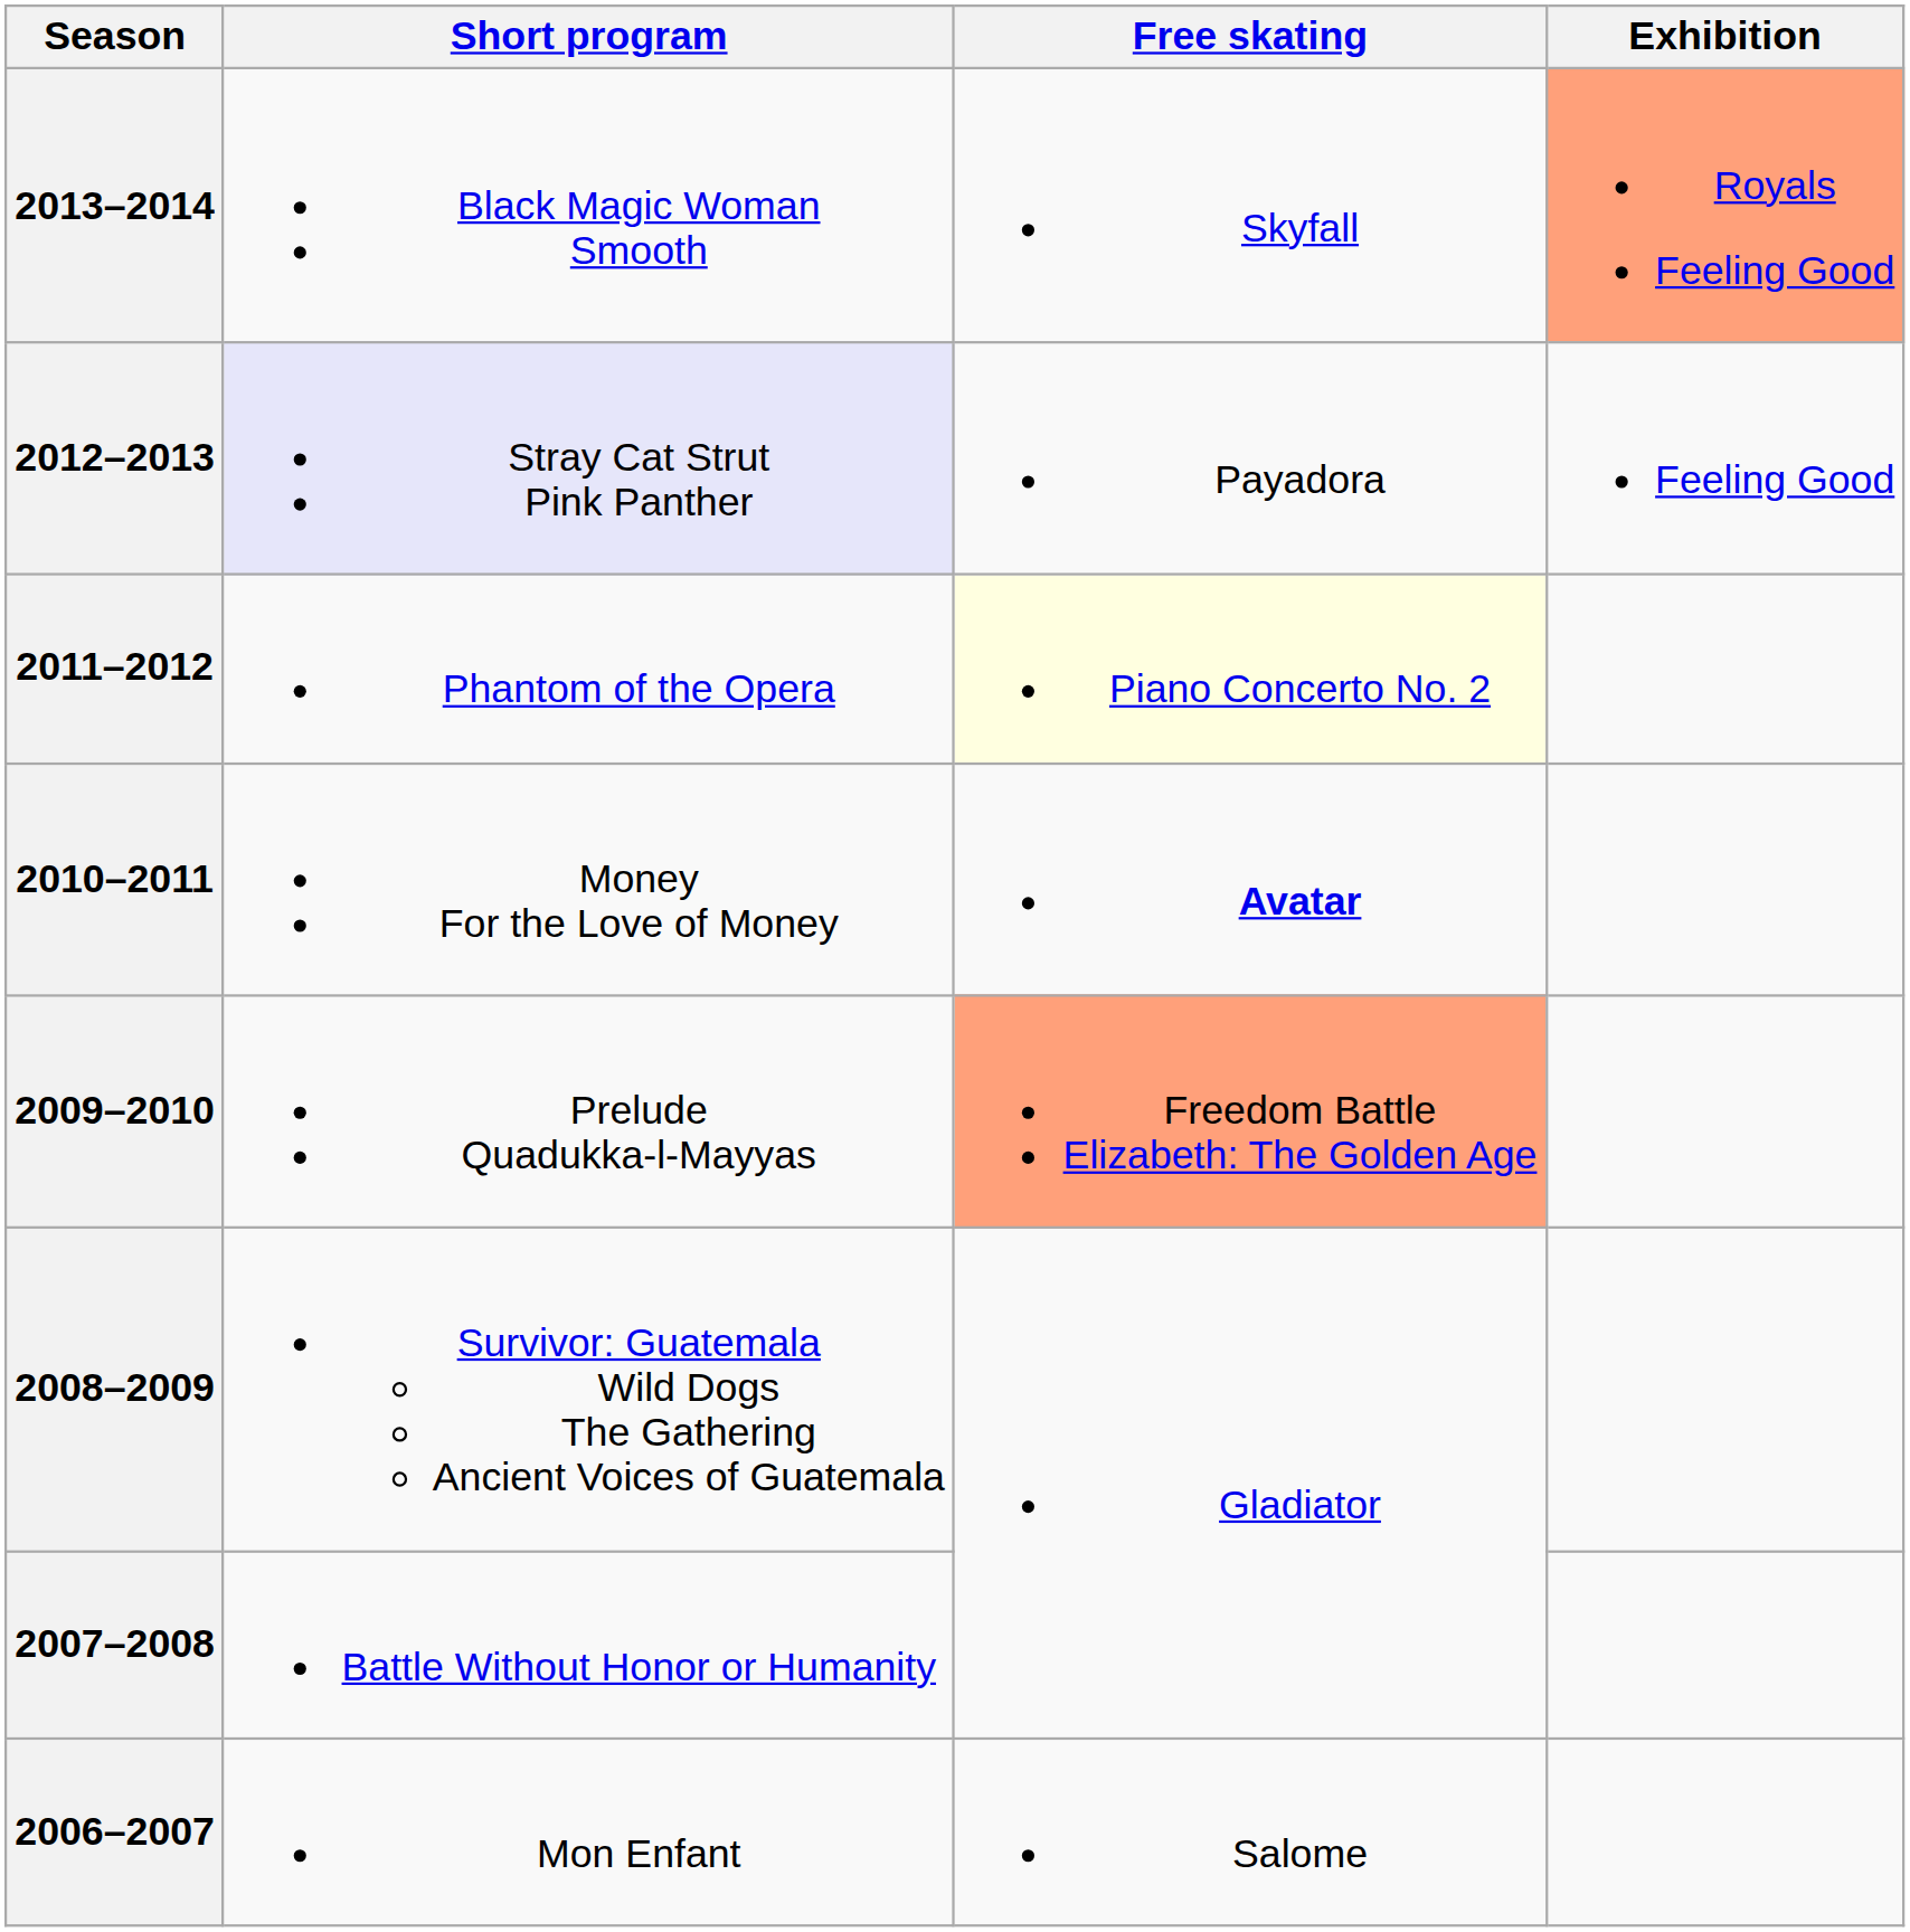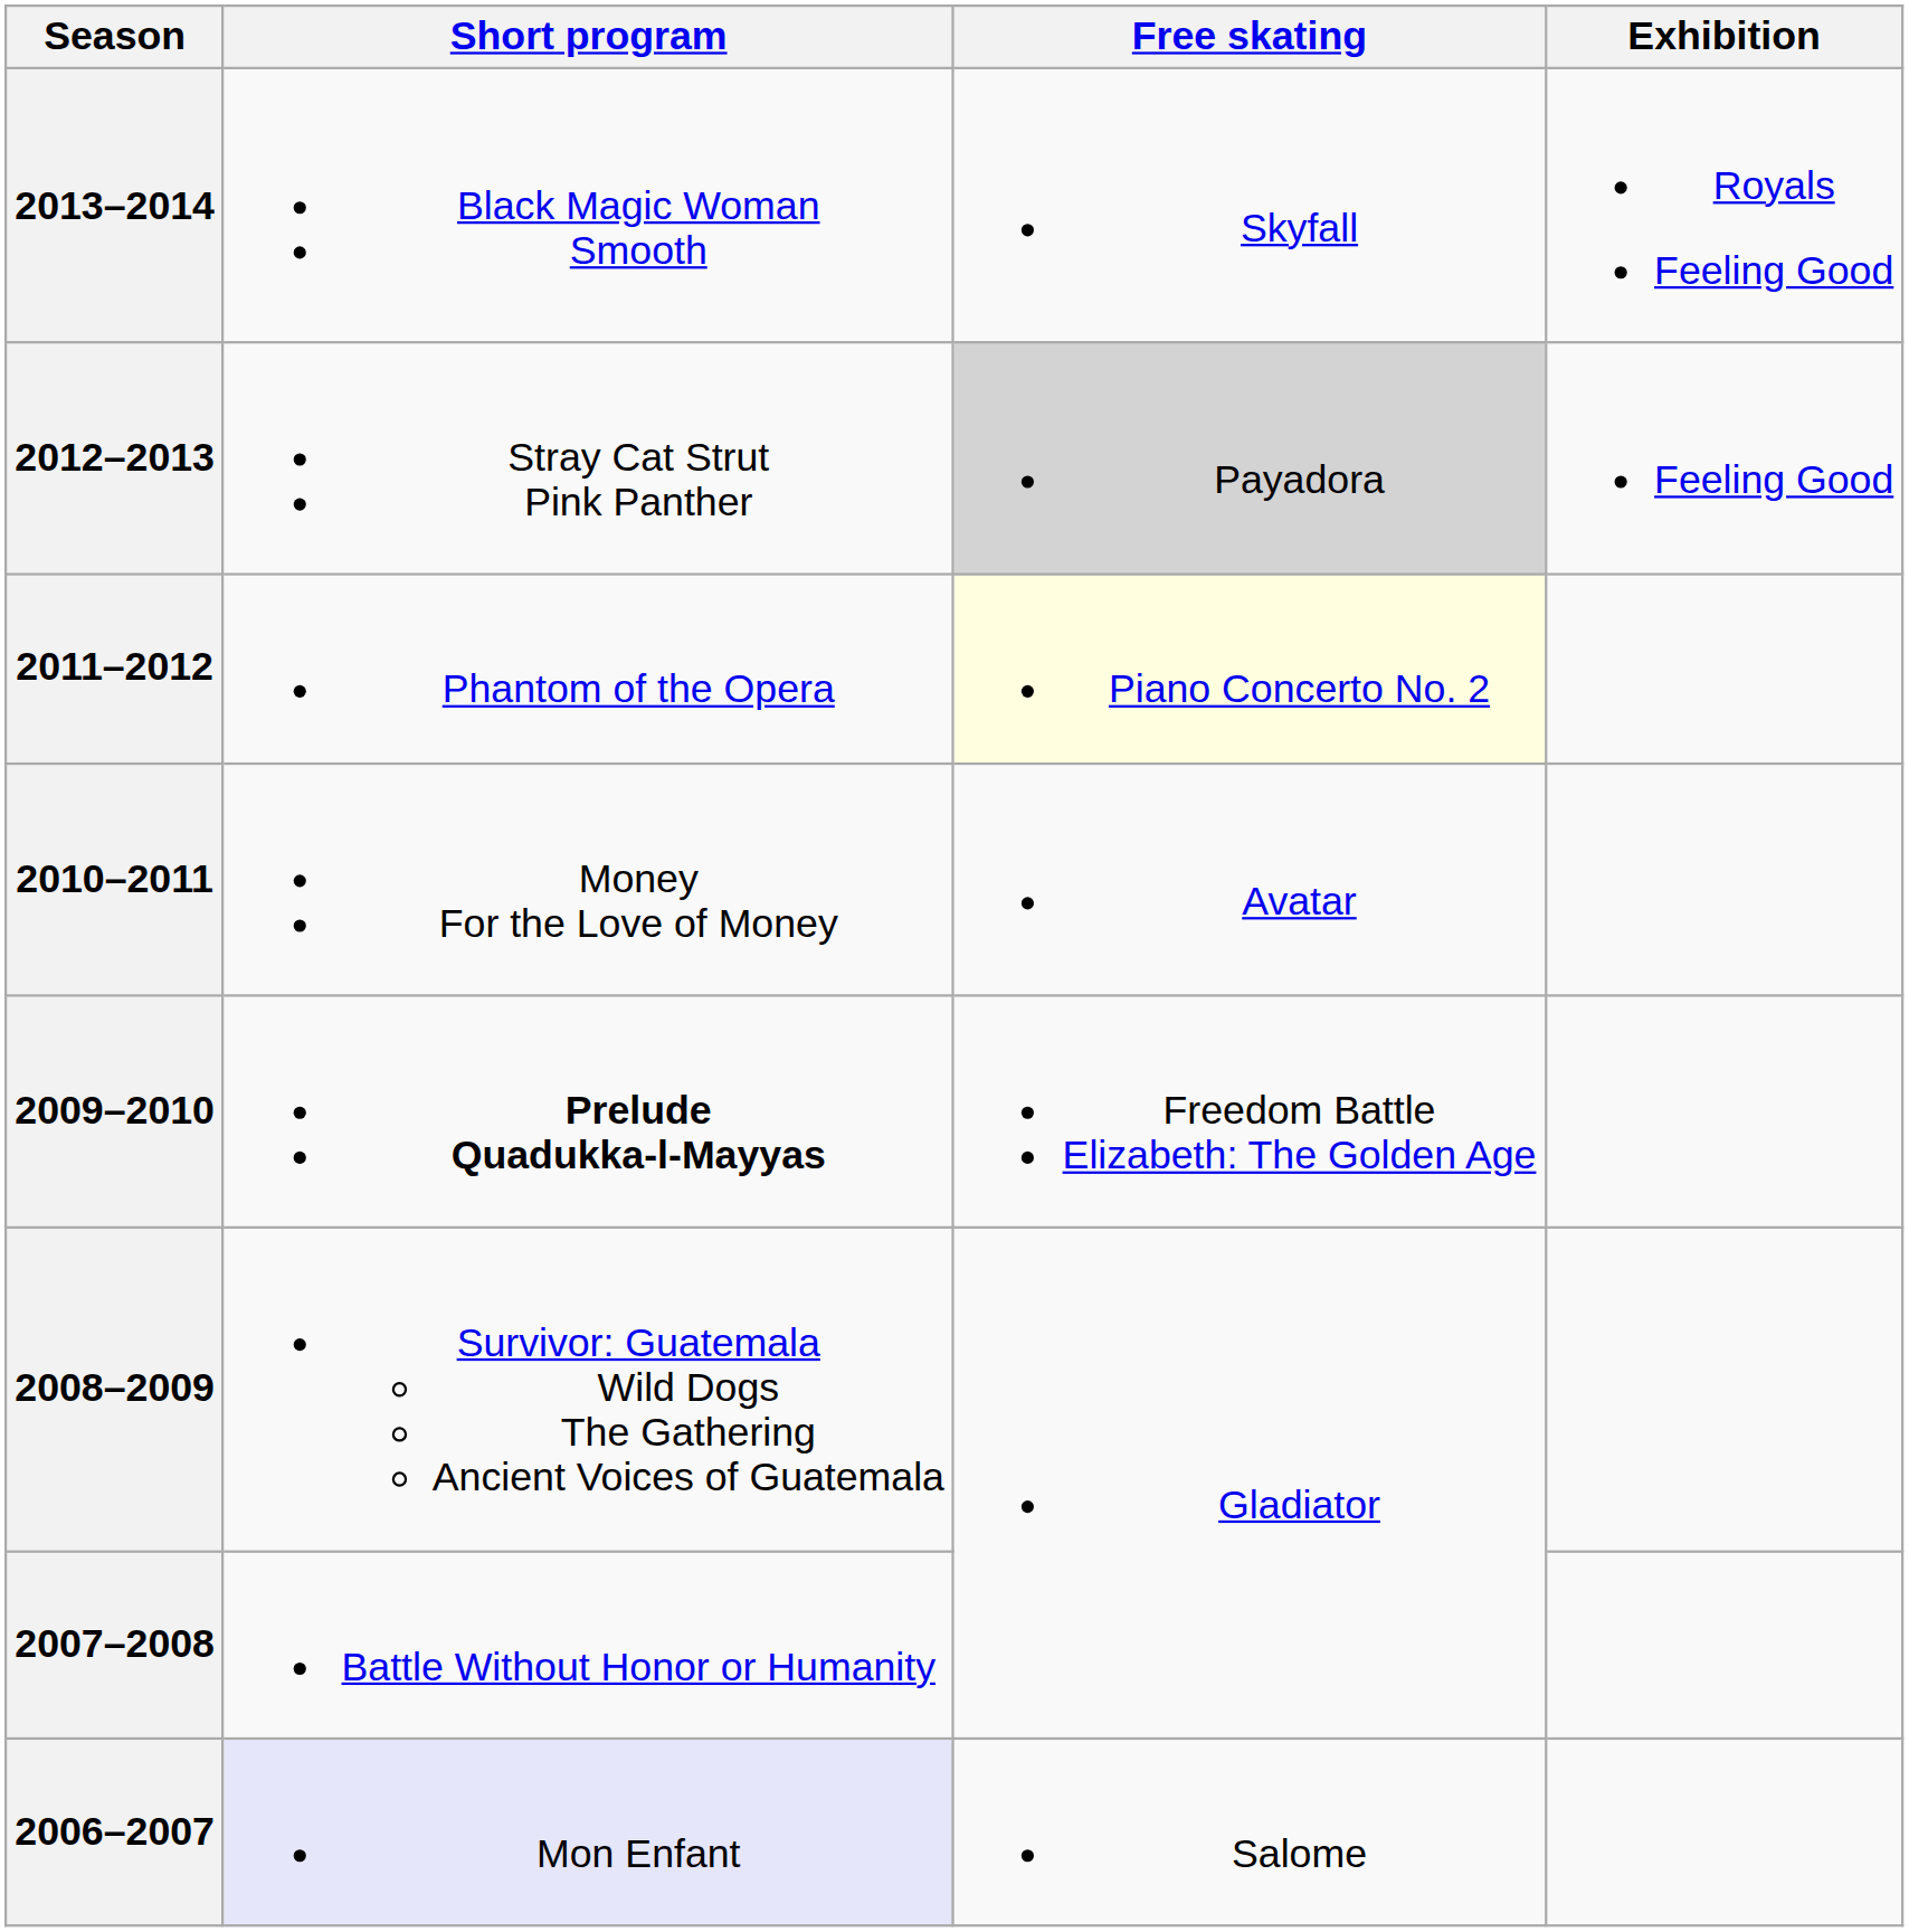 <table class="wikitable" style="text-align:center">
 <tr>
 <th>Season</th>
 <th><a href='#'>Short program</a></th>
 <th><a href='#'>Free skating</a></th>
 <th>Exhibition</th>
 </tr>
 <tr>
 <th>2013–2014 <br> </th>
 <td><br><ul><li><a href='#'>Black Magic Woman</a></li><li><a href='#'>Smooth</a> <br></li></ul></td>
 <td><br><ul><li><a href='#'>Skyfall</a> <br></li></ul></td>
-<td style="background: lightsalmon;"><br><ul><li><a href='#'>Royals</a> <br></li></ul><ul><li><a href='#'>Feeling Good</a> <br></li></ul></td>
+<td><br><ul><li><a href='#'>Royals</a> <br></li></ul><ul><li><a href='#'>Feeling Good</a> <br></li></ul></td>
 </tr>
 <tr>
 <th>2012–2013 <br> </th>
-<td style="background: lavender;"><br><ul><li>Stray Cat Strut <br></li><li>Pink Panther <br></li></ul></td>
-<td><br><ul><li>Payadora <br></li></ul></td>
+<td><br><ul><li>Stray Cat Strut <br></li><li>Pink Panther <br></li></ul></td>
+<td style="background: lightgrey;"><br><ul><li>Payadora <br></li></ul></td>
 <td><br><ul><li><a href='#'>Feeling Good</a> <br></li></ul></td>
 </tr>
 <tr>
 <th>2011–2012 <br> </th>
 <td><br><ul><li><a href='#'>Phantom of the Opera</a> <br></li></ul></td>
 <td style="background: lightyellow;"><br><ul><li><a href='#'>Piano Concerto No. 2</a> <br></li></ul></td>
 <td></td>
 </tr>
 <tr>
 <th>2010–2011 <br> </th>
 <td><br><ul><li>Money <br></li><li>For the Love of Money <br></li></ul></td>
-<td><strong><br><ul><li><a href='#'>Avatar</a> <br></li></ul></strong></td>
+<td><br><ul><li><a href='#'>Avatar</a> <br></li></ul></td>
 <td></td>
 </tr>
 <tr>
 <th>2009–2010 <br> </th>
-<td><br><ul><li>Prelude</li><li>Quadukka-l-Mayyas <br></li></ul></td>
-<td style="background: lightsalmon;"><br><ul><li>Freedom Battle <br></li><li><a href='#'>Elizabeth: The Golden Age</a> <br></li></ul></td>
+<td><strong><br><ul><li>Prelude</li><li>Quadukka-l-Mayyas <br></li></ul></strong></td>
+<td><br><ul><li>Freedom Battle <br></li><li><a href='#'>Elizabeth: The Golden Age</a> <br></li></ul></td>
 <td></td>
 </tr>
 <tr>
 <th>2008–2009 <br> </th>
 <td><br><ul><li><a href='#'>Survivor: Guatemala</a> <br><ul><li>Wild Dogs</li><li>The Gathering</li><li>Ancient Voices of Guatemala</li></ul></li></ul></td>
 <td rowspan=2><br><ul><li><a href='#'>Gladiator</a> <br></li></ul></td>
 <td></td>
 </tr>
 <tr>
 <th>2007–2008 <br> </th>
 <td><br><ul><li><a href='#'>Battle Without Honor or Humanity</a> <br></li></ul></td>
 <td></td>
 </tr>
 <tr>
 <th>2006–2007 <br> </th>
-<td><br><ul><li>Mon Enfant <br></li></ul></td>
+<td style="background: lavender;"><br><ul><li>Mon Enfant <br></li></ul></td>
 <td><br><ul><li>Salome <br></li></ul></td>
 <td></td>
 </tr>
 </table>
